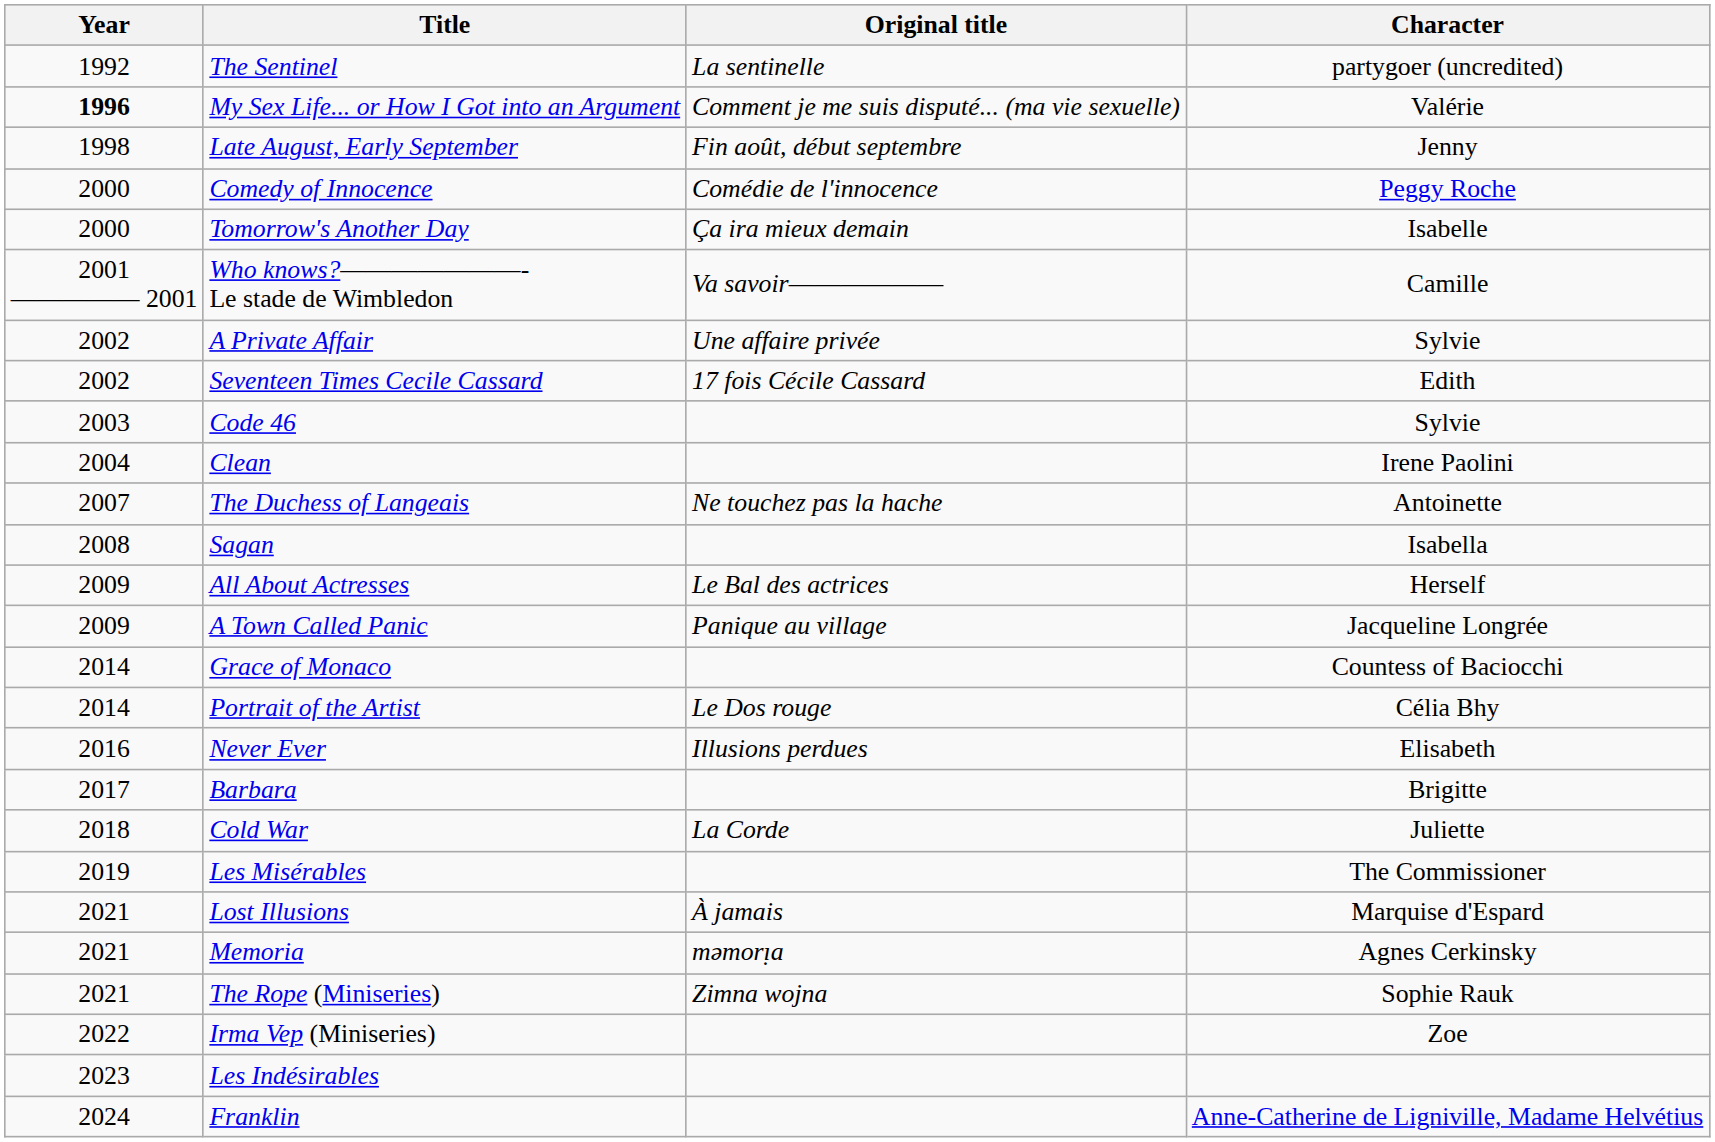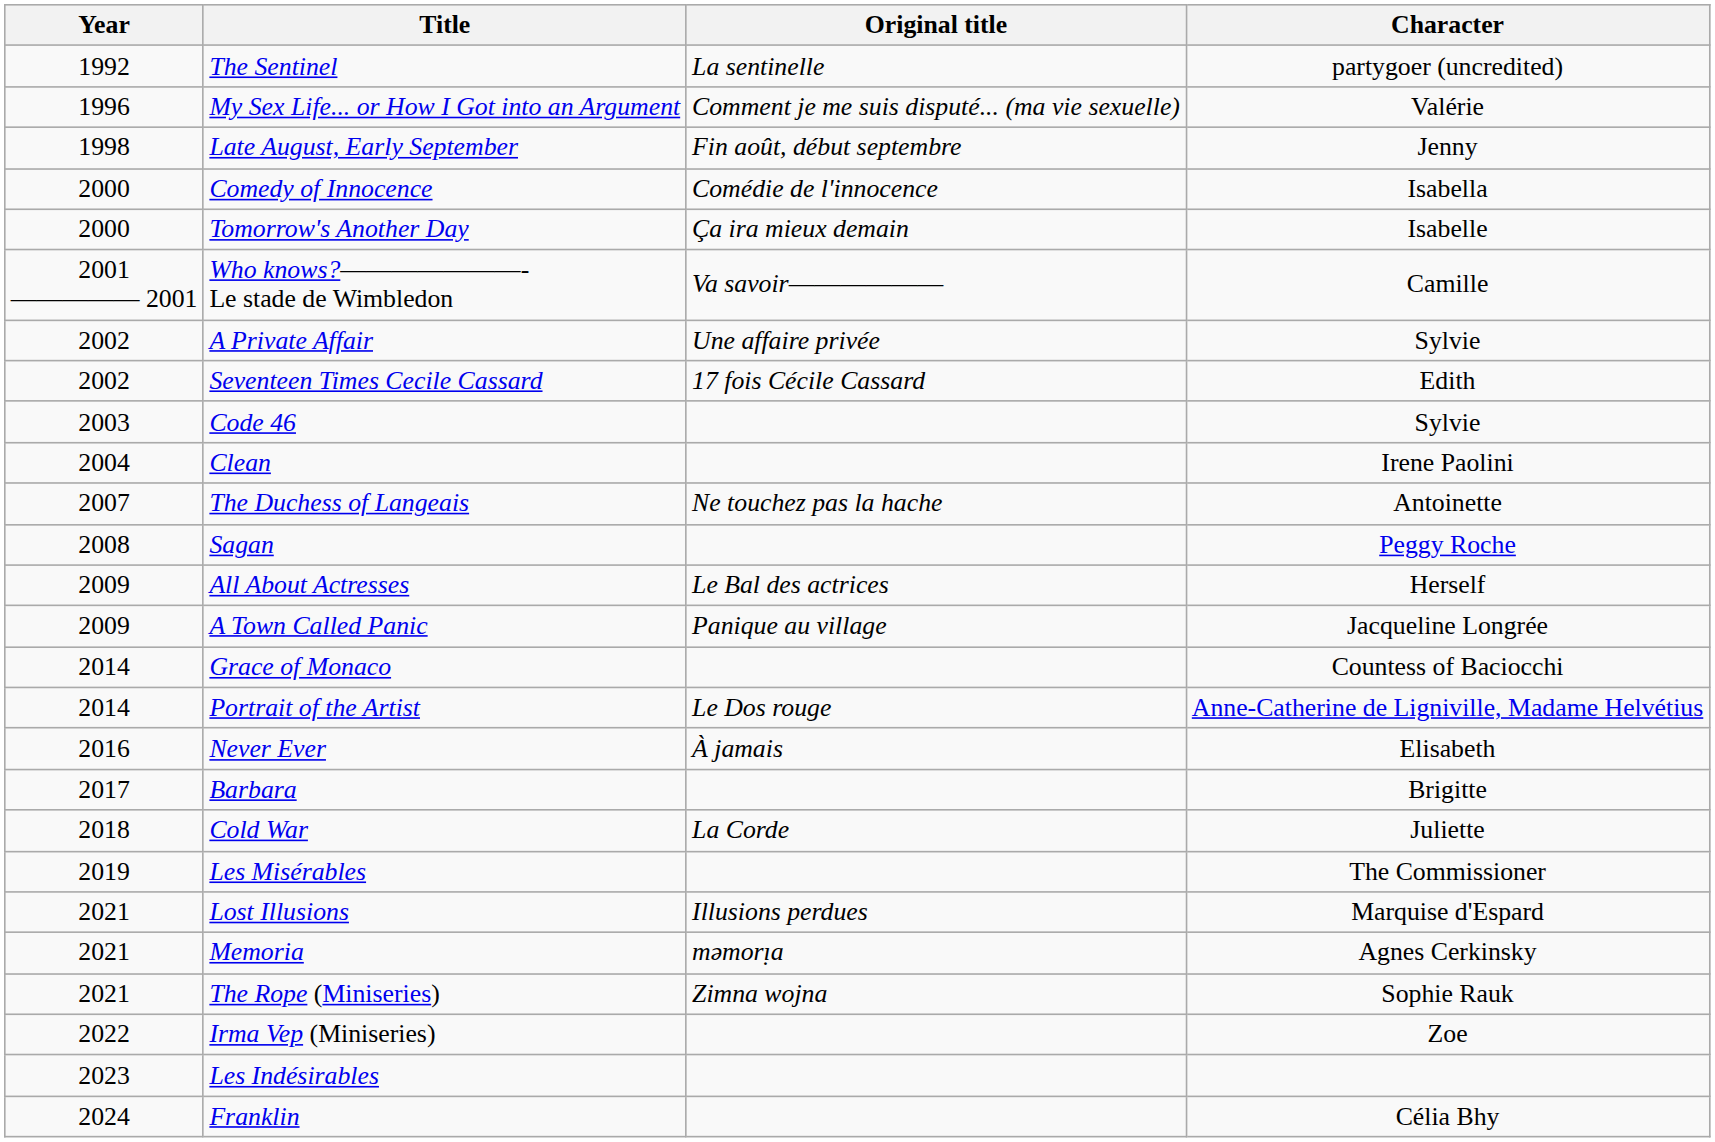 <table class="wikitable sortable">
 <tr>
 <th>Year</th>
 <th>Title</th>
 <th>Original title</th>
 <th>Character</th>
 </tr>
 <tr>
 <td align="center">1992</td>
 <td><em><a href='#'>The Sentinel</a></em></td>
 <td><em>La sentinelle</em></td>
 <td align="center">partygoer (uncredited)</td>
 </tr>
 <tr>
-<td align="center"><strong>1996</strong></td>
+<td align="center">1996</td>
 <td><em><a href='#'>My Sex Life... or How I Got into an Argument</a></em></td>
 <td><em>Comment je me suis disputé... (ma vie sexuelle)</em></td>
 <td align="center">Valérie</td>
 </tr>
 <tr>
 <td align="center">1998</td>
 <td><em><a href='#'>Late August, Early September</a></em></td>
 <td><em>Fin août, début septembre</em></td>
 <td align="center">Jenny</td>
 </tr>
 <tr>
 <td align="center">2000</td>
 <td><em><a href='#'>Comedy of Innocence</a></em></td>
 <td><em>Comédie de l'innocence</em></td>
-<td align="center"><a href='#'>Peggy Roche</a></td>
+<td align="center">Isabella</td>
 </tr>
 <tr>
 <td align="center">2000</td>
 <td><em><a href='#'>Tomorrow's Another Day</a></em></td>
 <td><em>Ça ira mieux demain</em></td>
 <td align="center">Isabelle</td>
 </tr>
 <tr>
 <td align="center">2001<br>————— 2001</td>
 <td><em><a href='#'>Who knows?</a></em>———————-<br>Le stade de Wimbledon</td>
 <td><em>Va savoir</em>——————</td>
 <td align="center">Camille</td>
 </tr>
 <tr>
 <td align="center">2002</td>
 <td><em><a href='#'>A Private Affair</a></em></td>
 <td><em>Une affaire privée</em></td>
 <td align="center">Sylvie</td>
 </tr>
 <tr>
 <td align="center">2002</td>
 <td><em><a href='#'>Seventeen Times Cecile Cassard</a></em></td>
 <td><em>17 fois Cécile Cassard</em></td>
 <td align="center">Edith</td>
 </tr>
 <tr>
 <td align="center">2003</td>
 <td><em><a href='#'>Code 46</a></em></td>
 <td></td>
 <td align="center">Sylvie</td>
 </tr>
 <tr>
 <td align="center">2004</td>
 <td><em><a href='#'>Clean</a></em></td>
 <td></td>
 <td align="center">Irene Paolini</td>
 </tr>
 <tr>
 <td align="center">2007</td>
 <td><em><a href='#'>The Duchess of Langeais</a></em></td>
 <td><em>Ne touchez pas la hache</em></td>
 <td align="center">Antoinette</td>
 </tr>
 <tr>
 <td align="center">2008</td>
 <td><em><a href='#'>Sagan</a></em></td>
 <td></td>
-<td align="center">Isabella</td>
+<td align="center"><a href='#'>Peggy Roche</a></td>
 </tr>
 <tr>
 <td align="center">2009</td>
 <td><em><a href='#'>All About Actresses</a></em></td>
 <td><em>Le Bal des actrices</em></td>
 <td align="center">Herself</td>
 </tr>
 <tr>
 <td align="center">2009</td>
 <td><em><a href='#'>A Town Called Panic</a></em></td>
 <td><em>Panique au village</em></td>
 <td align="center">Jacqueline Longrée</td>
 </tr>
 <tr>
 <td align="center">2014</td>
 <td><em><a href='#'>Grace of Monaco</a></em></td>
 <td></td>
 <td align="center">Countess of Baciocchi</td>
 </tr>
 <tr>
 <td align="center">2014</td>
 <td><em><a href='#'>Portrait of the Artist</a></em></td>
 <td><em> Le Dos rouge</em></td>
-<td align="center">Célia Bhy</td>
+<td align="center"><a href='#'>Anne-Catherine de Ligniville, Madame Helvétius</a></td>
 </tr>
 <tr>
 <td align="center">2016</td>
 <td><em><a href='#'>Never Ever</a></em></td>
-<td><em>Illusions perdues</em></td>
+<td><em>À jamais</em></td>
 <td align="center">Elisabeth</td>
 </tr>
 <tr>
 <td align="center">2017</td>
 <td><em><a href='#'>Barbara</a></em></td>
 <td></td>
 <td align="center">Brigitte</td>
 </tr>
 <tr>
 <td align="center">2018</td>
 <td><em><a href='#'>Cold War</a></em></td>
 <td><em>La Corde</em></td>
 <td align="center">Juliette</td>
 </tr>
 <tr>
 <td align="center">2019</td>
 <td><em><a href='#'>Les Misérables</a></em></td>
 <td></td>
 <td align="center">The Commissioner</td>
 </tr>
 <tr>
 <td align="center">2021</td>
 <td><em><a href='#'>Lost Illusions</a></em></td>
-<td><em>À jamais</em></td>
+<td><em>Illusions perdues</em></td>
 <td align="center">Marquise d'Espard</td>
 </tr>
 <tr>
 <td align="center">2021</td>
 <td><em><a href='#'>Memoria</a></em></td>
 <td><em>məmorᴉa</em></td>
 <td align="center">Agnes Cerkinsky</td>
 </tr>
 <tr>
 <td align="center">2021</td>
 <td><em><a href='#'>The Rope</a></em> (<a href='#'>Miniseries</a>)</td>
 <td><em>Zimna wojna</em></td>
 <td align="center">Sophie Rauk</td>
 </tr>
 <tr>
 <td align="center">2022</td>
 <td><em><a href='#'>Irma Vep</a></em> (Miniseries)</td>
 <td></td>
 <td align="center">Zoe</td>
 </tr>
 <tr>
 <td align="center">2023</td>
 <td><em><a href='#'>Les Indésirables</a></em></td>
 <td></td>
 <td align="center"></td>
 </tr>
 <tr>
 <td align="center">2024</td>
 <td><em><a href='#'>Franklin</a></em></td>
 <td></td>
-<td align="center"><a href='#'>Anne-Catherine de Ligniville, Madame Helvétius</a></td>
+<td align="center">Célia Bhy</td>
 </tr>
 </table>
